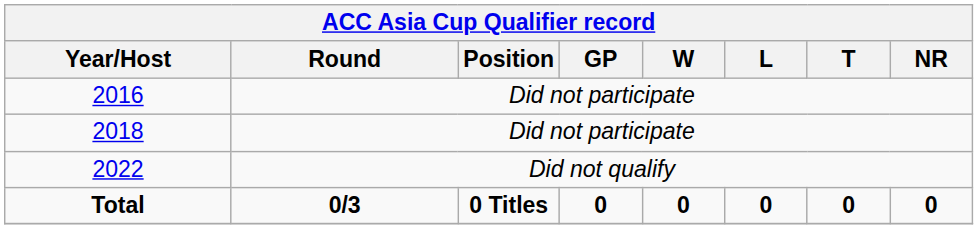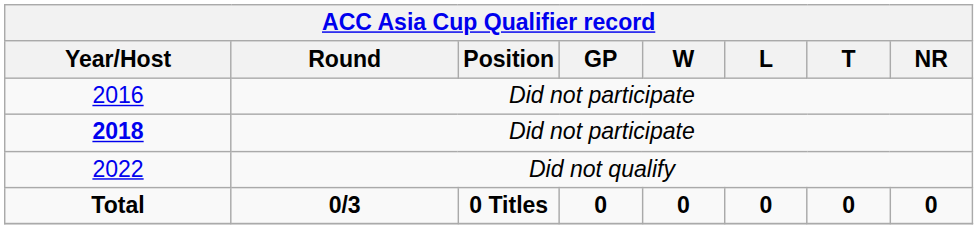 <table class="wikitable" style="text-align: center;">
 <tr>
 <th colspan=8><a href='#'>ACC Asia Cup Qualifier record</a></th>
 </tr>
 <tr>
 <th width=150>Year/Host</th>
 <th width=150>Round</th>
 <th width=50>Position</th>
 <th width=50>GP</th>
 <th width=50>W</th>
 <th width=50>L</th>
 <th width=50>T</th>
 <th width=50>NR</th>
 </tr>
 <tr>
 <td> <a href='#'>2016</a></td>
 <td colspan="7" rowspan="1"><em>Did not participate</em></td>
 </tr>
 <tr>
-<td> <a href='#'>2018</a></td>
+<td><strong> <a href='#'>2018</a></strong></td>
 <td colspan="7" rowspan="1"><em>Did not participate</em></td>
 </tr>
 <tr>
 <td> <a href='#'>2022</a></td>
 <td colspan="7" rowspan="1"><em>Did not qualify</em></td>
 </tr>
 <tr>
 <td><strong>Total</strong></td>
 <td><strong>0/3</strong></td>
 <td><strong>0 Titles</strong></td>
 <td><strong>0</strong></td>
 <td><strong>0</strong></td>
 <td><strong>0</strong></td>
 <td><strong>0</strong></td>
 <td><strong>0</strong></td>
 </tr>
 <tr>
 </tr>
 </table>
